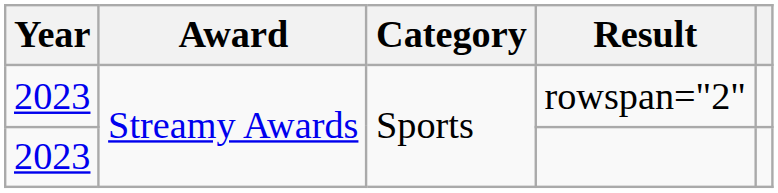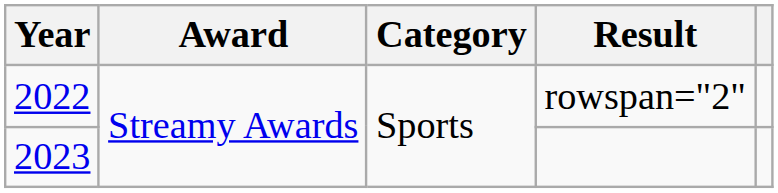 <table class="wikitable">
 <tr>
 <th>Year</th>
 <th>Award</th>
 <th>Category</th>
 <th>Result</th>
 <th></th>
 </tr>
 <tr>
-<td><a href='#'>2023</a></td>
+<td><a href='#'>2022</a></td>
 <td rowspan="2"><a href='#'>Streamy Awards</a></td>
 <td rowspan="2">Sports</td>
 <td>rowspan="2" </td>
 <td></td>
 </tr>
 <tr>
 <td><a href='#'>2023</a></td>
 <td></td>
 </tr>
 </table>
